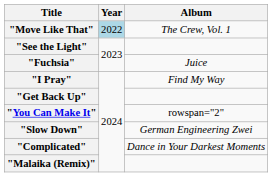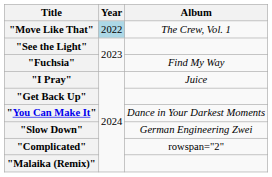 <table class="wikitable plainrowheaders" style="text-align: center;">
 <tr>
 <th scope="col">Title</th>
 <th scope="col">Year</th>
 <th scope="col">Album</th>
 </tr>
 <tr>
 <th scope="row">"Move Like That"<br></th>
 <td style="background: lightblue;">2022</td>
 <td><em>The Crew, Vol. 1</em></td>
 </tr>
 <tr>
 <th scope="row">"See the Light"<br></th>
 <td rowspan="2">2023</td>
 <td></td>
 </tr>
 <tr>
 <th scope="row">"Fuchsia"<br></th>
-<td><em>Juice</em></td>
+<td><em>Find My Way</em></td>
 </tr>
 <tr>
 <th scope="row">"I Pray"<br></th>
 <td rowspan="10">2024</td>
-<td><em>Find My Way</em></td>
+<td><em>Juice</em></td>
 </tr>
 <tr>
 <th scope="row">"Get Back Up"<br></th>
 <td></td>
 </tr>
 <tr>
 <th scope="row">"<a href='#'>You Can Make It</a>"<br></th>
-<td>rowspan="2" </td>
+<td><em>Dance in Your Darkest Moments</em></td>
 </tr>
 <tr>
 <th scope="row">"Slow Down"<br></th>
 <td><em>German Engineering Zwei</em></td>
 </tr>
 <tr>
 <th scope="row">"Complicated"<br></th>
-<td><em>Dance in Your Darkest Moments</em></td>
+<td>rowspan="2" </td>
 </tr>
 <tr>
 <th scope="row">"Malaika (Remix)"<br></th>
 </tr>
 </table>
